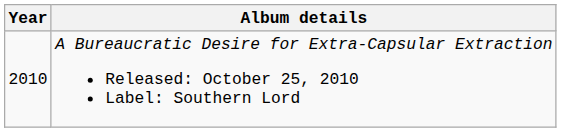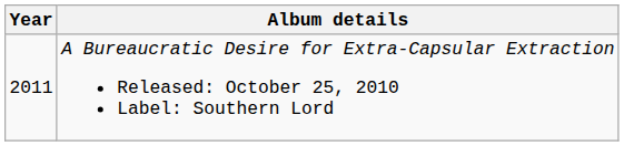 <table class="wikitable">
 <tr>
 <th>Year</th>
 <th>Album details</th>
 </tr>
 <tr>
-<td>2010</td>
+<td>2011</td>
 <td><em>A Bureaucratic Desire for Extra-Capsular Extraction</em><br><ul><li>Released: October 25, 2010</li><li>Label: Southern Lord</li></ul></td>
 </tr>
 </table>
